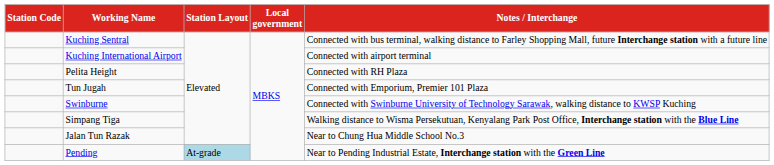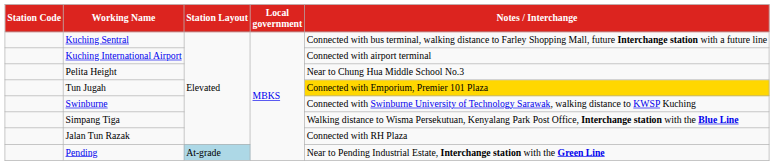 <table class="wikitable sortable" style="margin-left:1em; margin-bottom:1em; color:black; font-size:95%;">
 <tr style="background:#dc241f; text-align:center; color:white;">
 <td><strong>Station Code</strong></td>
 <td><strong>Working Name</strong></td>
 <td><strong>Station Layout</strong></td>
 <td><strong>Local<br>government</strong></td>
 <td><strong>Notes / Interchange</strong></td>
 </tr>
 <tr>
 <td></td>
 <td><a href='#'>Kuching Sentral</a> </td>
 <td rowspan="7">Elevated</td>
 <td rowspan="8"><a href='#'>MBKS</a></td>
 <td>Connected with bus terminal, walking distance to Farley Shopping Mall, future <strong>Interchange station</strong> with a future line</td>
 </tr>
 <tr>
 <td></td>
 <td><a href='#'>Kuching International Airport</a> </td>
 <td>Connected with airport terminal</td>
 </tr>
 <tr>
 <td></td>
 <td>Pelita Height</td>
-<td>Connected with RH Plaza</td>
+<td>Near to Chung Hua Middle School No.3</td>
 </tr>
 <tr>
 <td></td>
 <td>Tun Jugah</td>
-<td>Connected with Emporium, Premier 101 Plaza</td>
+<td style="background: gold;">Connected with Emporium, Premier 101 Plaza</td>
 </tr>
 <tr>
 <td></td>
 <td><a href='#'>Swinburne</a></td>
 <td>Connected with <a href='#'>Swinburne University of Technology Sarawak</a>, walking distance to <a href='#'>KWSP</a> Kuching</td>
 </tr>
 <tr>
 <td></td>
 <td>Simpang Tiga</td>
 <td>Walking distance to Wisma Persekutuan, Kenyalang Park Post Office, <strong>Interchange station</strong> with the  <a href='#'><strong>Blue Line</strong></a></td>
 </tr>
 <tr>
 <td></td>
 <td>Jalan Tun Razak</td>
-<td>Near to Chung Hua Middle School No.3</td>
+<td>Connected with RH Plaza</td>
 </tr>
 <tr>
 <td></td>
 <td><a href='#'>Pending</a></td>
 <td style="background: lightblue;">At-grade</td>
 <td>Near to Pending Industrial Estate, <strong>Interchange station</strong> with the  <strong><a href='#'>Green Line</a></strong></td>
 </tr>
 </table>
